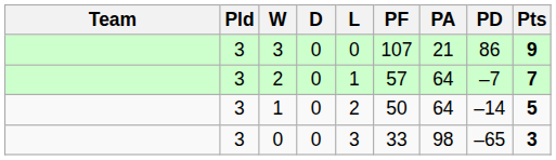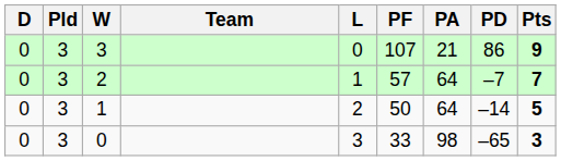 <table class="wikitable" style="text-align:center;">
 <tr>
-<th width=175>Team</th>
+<th width=25 abbr="Drawn">D</th>
 <th width=25 abbr="Played">Pld</th>
 <th width=25 abbr="Won">W</th>
-<th width=25 abbr="Drawn">D</th>
+<th width=175>Team</th>
 <th width=25 abbr="Lost">L</th>
 <th width=32 abbr="Points for">PF</th>
 <th width=32 abbr="Points against">PA</th>
 <th width=32 abbr="Points difference">PD</th>
 <th width=25 abbr="Points">Pts</th>
 </tr>
 <tr style="background:#cfc;">
-<td align=left></td>
+<td>0</td>
 <td>3</td>
 <td>3</td>
-<td>0</td>
+<td align=left></td>
 <td>0</td>
 <td>107</td>
 <td>21</td>
 <td>86</td>
 <td><strong>9</strong></td>
 </tr>
 <tr style="background:#cfc;">
-<td align=left></td>
+<td>0</td>
 <td>3</td>
 <td>2</td>
-<td>0</td>
+<td align=left></td>
 <td>1</td>
 <td>57</td>
 <td>64</td>
 <td>–7</td>
 <td><strong>7</strong></td>
 </tr>
 <tr>
-<td align=left></td>
+<td>0</td>
 <td>3</td>
 <td>1</td>
-<td>0</td>
+<td align=left></td>
 <td>2</td>
 <td>50</td>
 <td>64</td>
 <td>–14</td>
 <td><strong>5</strong></td>
 </tr>
 <tr>
-<td align=left></td>
+<td>0</td>
 <td>3</td>
 <td>0</td>
-<td>0</td>
+<td align=left></td>
 <td>3</td>
 <td>33</td>
 <td>98</td>
 <td>–65</td>
 <td><strong>3</strong></td>
 </tr>
 </table>
